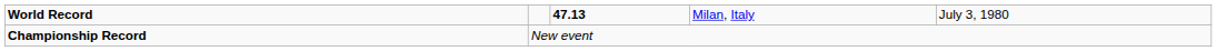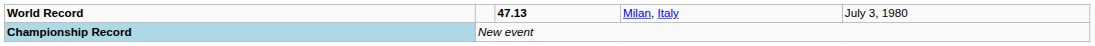 <table class="wikitable" width=75%>
 <tr>
 <td><strong>World Record</strong></td>
 <td></td>
 <td><strong>47.13</strong></td>
 <td><a href='#'>Milan</a>, <a href='#'>Italy</a></td>
 <td>July 3, 1980</td>
 </tr>
 <tr>
-<td><strong>Championship Record</strong></td>
+<td style="background: lightblue;"><strong>Championship Record</strong></td>
 <td colspan="4"><em>New event</em></td>
 </tr>
 </table>
